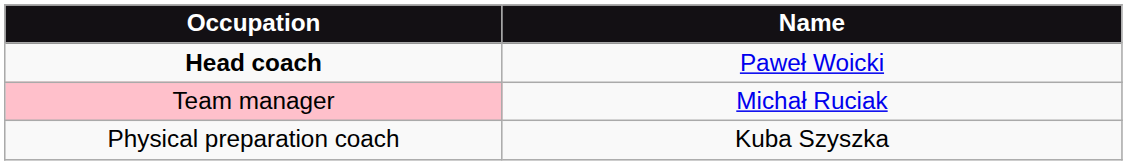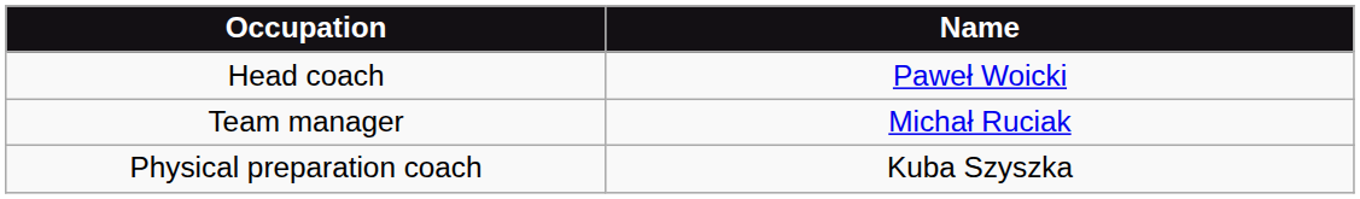 <table class="wikitable" style="font-size:100%; text-align:center">
 <tr>
 <th style="color:#FFFFFF; background-color:#131014; width:20em">Occupation</th>
 <th colspan="2" style="color:#FFFFFF; background-color:#131014; width:25em">Name</th>
 </tr>
 <tr>
-<td><strong>Head coach</strong></td>
+<td>Head coach</td>
 <td colspan="2"> <a href='#'>Paweł Woicki</a></td>
 </tr>
 <tr>
-<td style="background: pink;">Team manager</td>
+<td>Team manager</td>
 <td colspan="2"> <a href='#'>Michał Ruciak</a></td>
 </tr>
 <tr>
 <td>Physical preparation coach</td>
 <td colspan="2"> Kuba Szyszka</td>
 </tr>
 </table>
